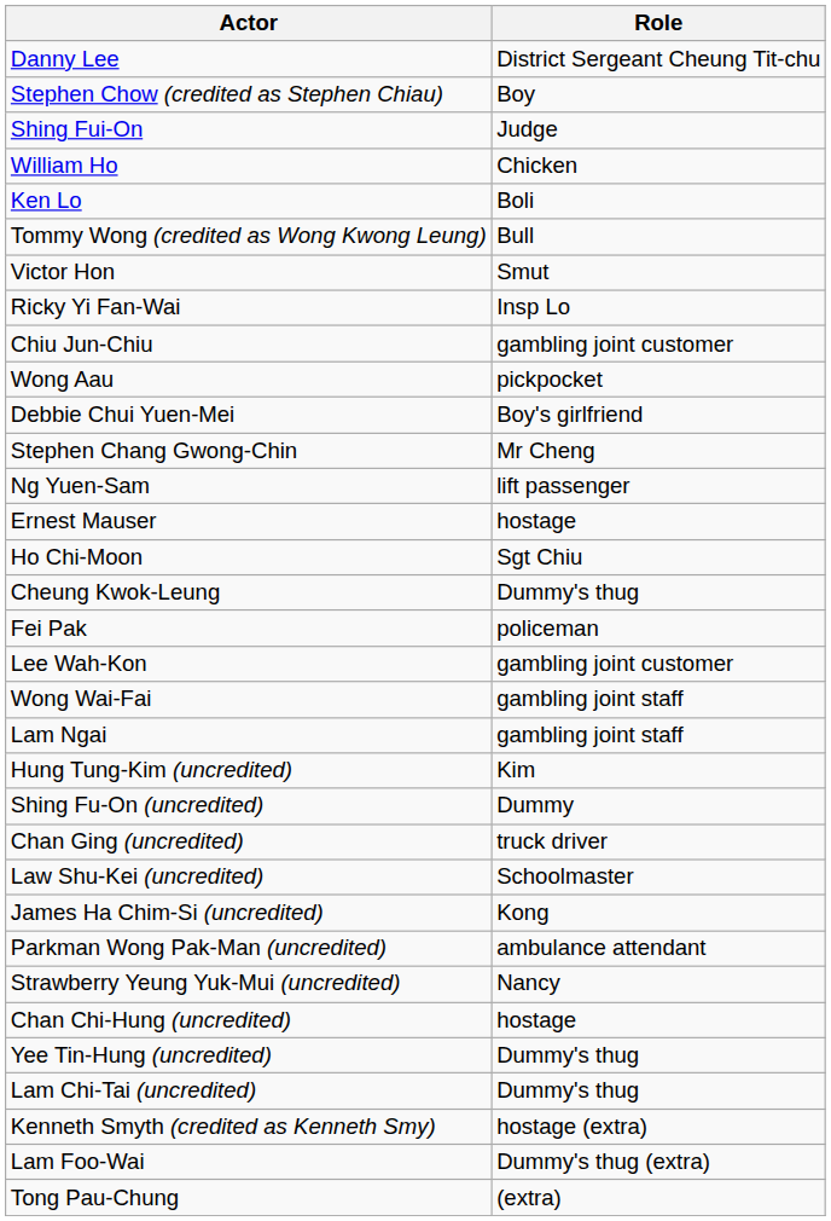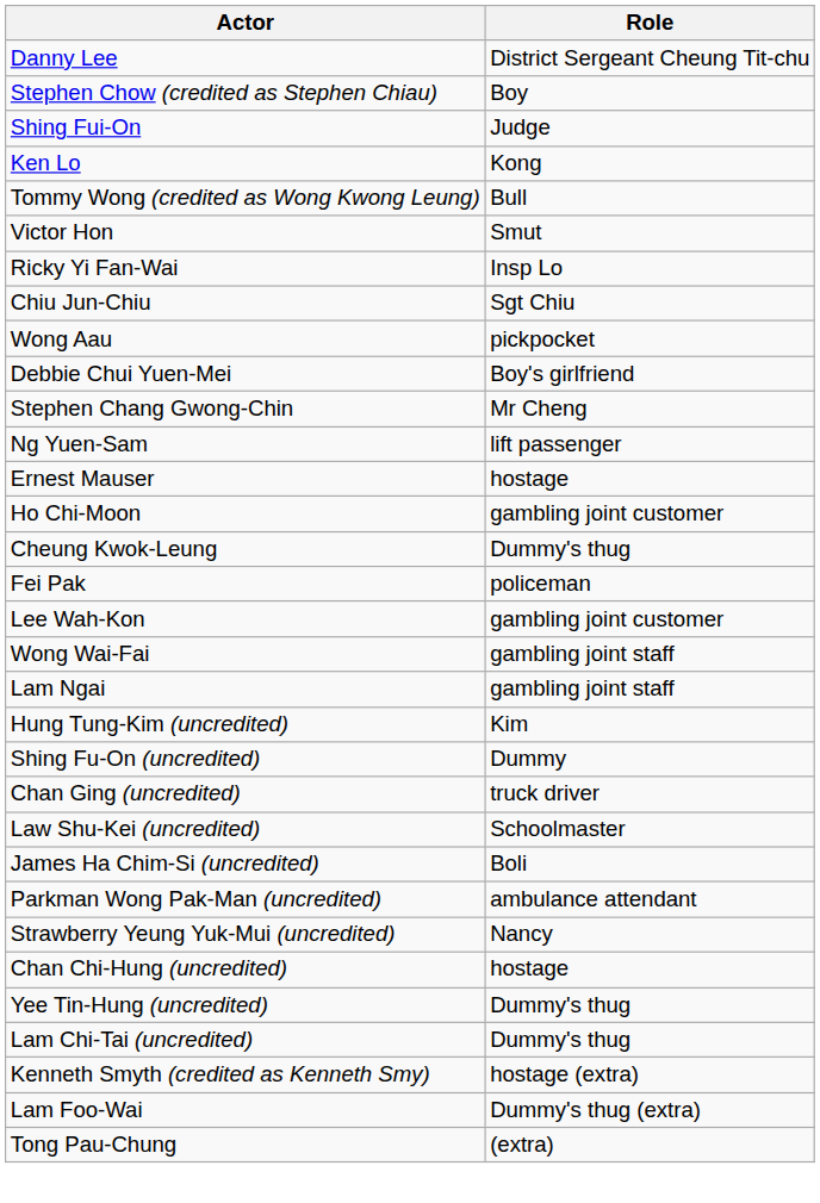 <table class=wikitable>
 <tr>
 <th bgcolor="lightblue">Actor</th>
 <th bgcolor="pink">Role</th>
 </tr>
 <tr>
 <td><a href='#'>Danny Lee</a></td>
 <td>District Sergeant Cheung Tit-chu</td>
 </tr>
 <tr>
 <td><a href='#'>Stephen Chow</a> <em>(credited as Stephen Chiau)</em></td>
 <td>Boy</td>
 </tr>
 <tr>
 <td><a href='#'>Shing Fui-On</a></td>
 <td>Judge</td>
 </tr>
 <tr>
-<td><a href='#'>William Ho</a></td>
-<td>Chicken</td>
-</tr>
-<tr>
 <td><a href='#'>Ken Lo</a></td>
-<td>Boli</td>
+<td>Kong</td>
 </tr>
 <tr>
 <td>Tommy Wong <em>(credited as Wong Kwong Leung)</em></td>
 <td>Bull</td>
 </tr>
 <tr>
 <td>Victor Hon</td>
 <td>Smut</td>
 </tr>
 <tr>
 <td>Ricky Yi Fan-Wai</td>
 <td>Insp Lo</td>
 </tr>
 <tr>
 <td>Chiu Jun-Chiu</td>
-<td>gambling joint customer</td>
+<td>Sgt Chiu</td>
 </tr>
 <tr>
 <td>Wong Aau</td>
 <td>pickpocket</td>
 </tr>
 <tr>
 <td>Debbie Chui Yuen-Mei</td>
 <td>Boy's girlfriend</td>
 </tr>
 <tr>
 <td>Stephen Chang Gwong-Chin</td>
 <td>Mr Cheng</td>
 </tr>
 <tr>
 <td>Ng Yuen-Sam</td>
 <td>lift passenger</td>
 </tr>
 <tr>
 <td>Ernest Mauser</td>
 <td>hostage</td>
 </tr>
 <tr>
 <td>Ho Chi-Moon</td>
-<td>Sgt Chiu</td>
+<td>gambling joint customer</td>
 </tr>
 <tr>
 <td>Cheung Kwok-Leung</td>
 <td>Dummy's thug</td>
 </tr>
 <tr>
 <td>Fei Pak</td>
 <td>policeman</td>
 </tr>
 <tr>
 <td>Lee Wah-Kon</td>
 <td>gambling joint customer</td>
 </tr>
 <tr>
 <td>Wong Wai-Fai</td>
 <td>gambling joint staff</td>
 </tr>
 <tr>
 <td>Lam Ngai</td>
 <td>gambling joint staff</td>
 </tr>
 <tr>
 <td>Hung Tung-Kim <em>(uncredited)</em></td>
 <td>Kim</td>
 </tr>
 <tr>
 <td>Shing Fu-On <em>(uncredited)</em></td>
 <td>Dummy</td>
 </tr>
 <tr>
 <td>Chan Ging <em>(uncredited)</em></td>
 <td>truck driver</td>
 </tr>
 <tr>
 <td>Law Shu-Kei <em>(uncredited)</em></td>
 <td>Schoolmaster</td>
 </tr>
 <tr>
 <td>James Ha Chim-Si <em>(uncredited)</em></td>
-<td>Kong</td>
+<td>Boli</td>
 </tr>
 <tr>
 <td>Parkman Wong Pak-Man <em>(uncredited)</em></td>
 <td>ambulance attendant</td>
 </tr>
 <tr>
 <td>Strawberry Yeung Yuk-Mui <em>(uncredited)</em></td>
 <td>Nancy</td>
 </tr>
 <tr>
 <td>Chan Chi-Hung <em>(uncredited)</em></td>
 <td>hostage</td>
 </tr>
 <tr>
 <td>Yee Tin-Hung <em>(uncredited)</em></td>
 <td>Dummy's thug</td>
 </tr>
 <tr>
 <td>Lam Chi-Tai <em>(uncredited)</em></td>
 <td>Dummy's thug</td>
 </tr>
 <tr>
 <td>Kenneth Smyth <em>(credited as Kenneth Smy)</em></td>
 <td>hostage (extra)</td>
 </tr>
 <tr>
 <td>Lam Foo-Wai</td>
 <td>Dummy's thug (extra)</td>
 </tr>
 <tr>
 <td>Tong Pau-Chung</td>
 <td>(extra)</td>
 </tr>
 </table>
